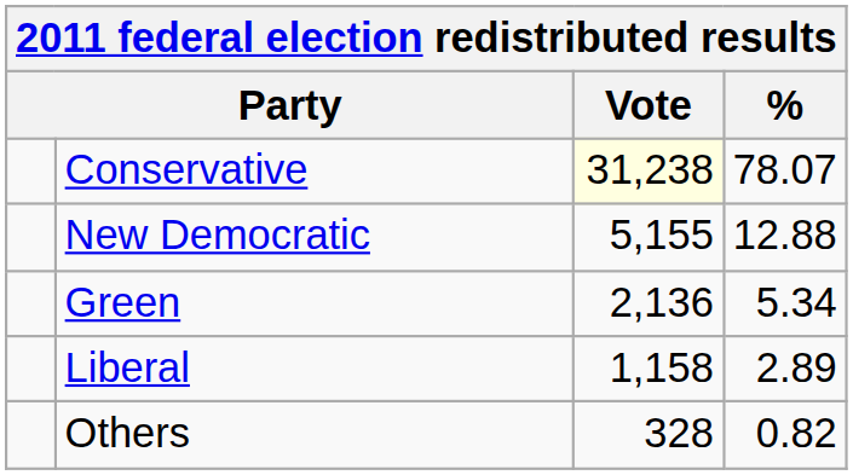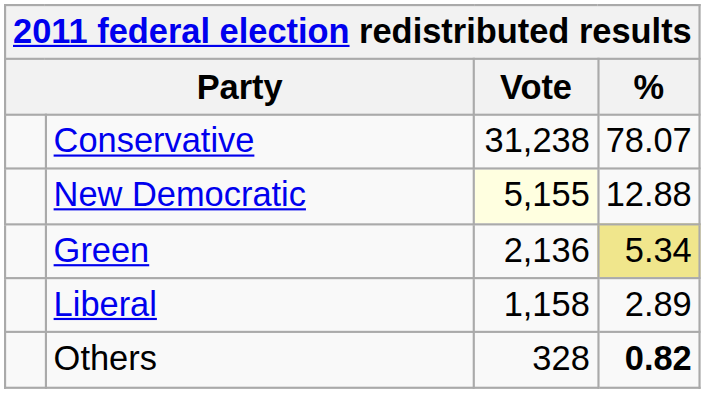 <table class="wikitable">
 <tr>
 <th colspan="4"><a href='#'>2011 federal election</a> redistributed results</th>
 </tr>
 <tr>
 <th bgcolor="#DDDDFF" width="130px" colspan="2">Party</th>
 <th bgcolor="#DDDDFF" width="50px">Vote</th>
 <th bgcolor="#DDDDFF" width="30px">%</th>
 </tr>
 <tr>
 <td> </td>
 <td><a href='#'>Conservative</a></td>
-<td align=right style="background: lightyellow;">31,238</td>
+<td align=right>31,238</td>
 <td align=right>78.07</td>
 </tr>
 <tr>
 <td> </td>
 <td><a href='#'>New Democratic</a></td>
-<td align=right>5,155</td>
+<td align=right style="background: lightyellow;">5,155</td>
 <td align=right>12.88</td>
 </tr>
 <tr>
 <td> </td>
 <td><a href='#'>Green</a></td>
 <td align=right>2,136</td>
-<td align=right>5.34</td>
+<td align=right style="background: khaki;">5.34</td>
 </tr>
 <tr>
 <td> </td>
 <td><a href='#'>Liberal</a></td>
 <td align=right>1,158</td>
 <td align=right>2.89</td>
 </tr>
 <tr>
 <td> </td>
 <td>Others</td>
 <td align=right>328</td>
-<td align=right>0.82</td>
+<td align=right><strong>0.82</strong></td>
 </tr>
 </table>
